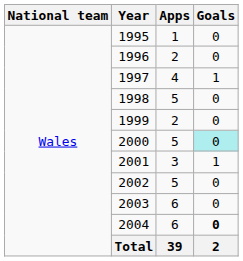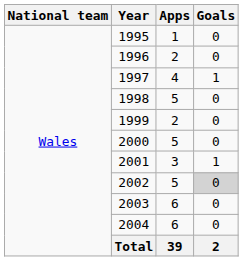 <table class="wikitable" style="text-align:center">
 <tr>
 <th>National team</th>
 <th>Year</th>
 <th>Apps</th>
 <th>Goals</th>
 </tr>
 <tr>
 <td rowspan="11"><a href='#'>Wales</a></td>
 <td>1995</td>
 <td>1</td>
 <td>0</td>
 </tr>
 <tr>
 <td>1996</td>
 <td>2</td>
 <td>0</td>
 </tr>
 <tr>
 <td>1997</td>
 <td>4</td>
 <td>1</td>
 </tr>
 <tr>
 <td>1998</td>
 <td>5</td>
 <td>0</td>
 </tr>
 <tr>
 <td>1999</td>
 <td>2</td>
 <td>0</td>
 </tr>
 <tr>
 <td>2000</td>
 <td>5</td>
-<td style="background: paleturquoise;">0</td>
+<td>0</td>
 </tr>
 <tr>
 <td>2001</td>
 <td>3</td>
 <td>1</td>
 </tr>
 <tr>
 <td>2002</td>
 <td>5</td>
-<td>0</td>
+<td style="background: lightgrey;">0</td>
 </tr>
 <tr>
 <td>2003</td>
 <td>6</td>
 <td>0</td>
 </tr>
 <tr>
 <td>2004</td>
 <td>6</td>
-<td><strong>0</strong></td>
+<td>0</td>
 </tr>
 <tr>
 <th>Total</th>
 <th>39</th>
 <th>2</th>
 </tr>
 </table>
